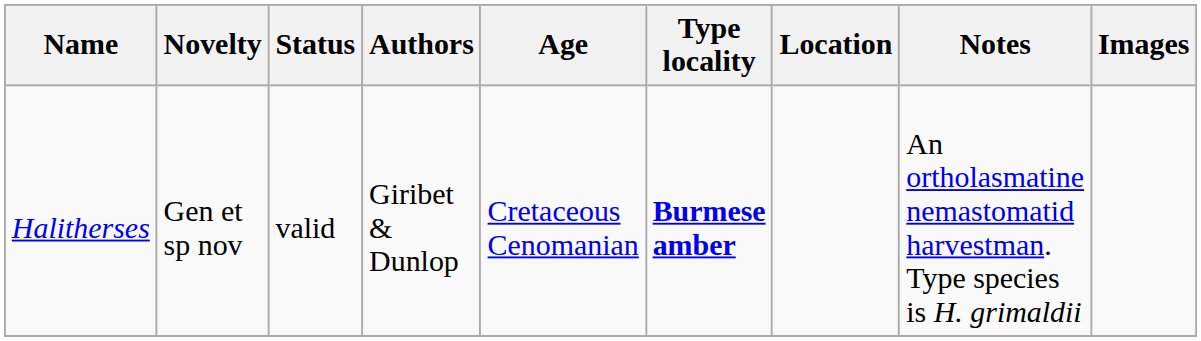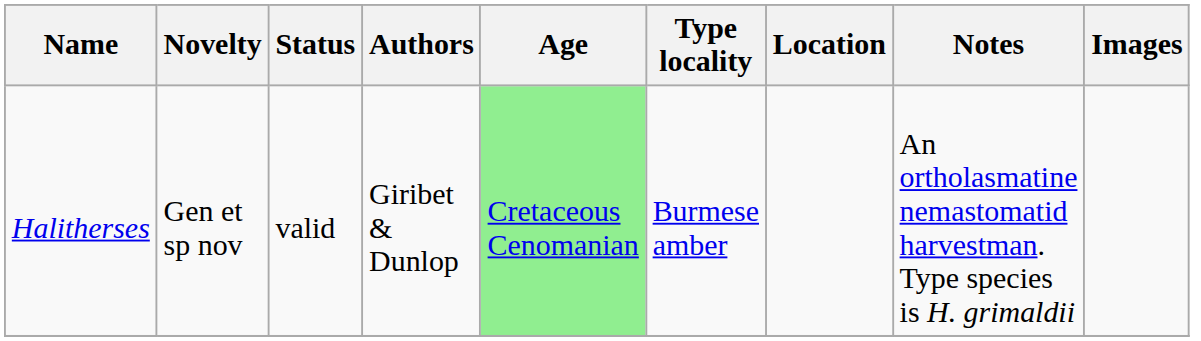 <table class="wikitable sortable" align="center" width="100%">
 <tr>
 <th>Name</th>
 <th>Novelty</th>
 <th>Status</th>
 <th>Authors</th>
 <th>Age</th>
 <th>Type locality</th>
 <th>Location</th>
 <th>Notes</th>
 <th>Images</th>
 </tr>
 <tr>
 <td><br><em><a href='#'>Halitherses</a></em></td>
 <td><br>Gen et sp nov</td>
 <td><br>valid</td>
 <td><br>Giribet & Dunlop</td>
-<td><br><a href='#'>Cretaceous</a><br><a href='#'>Cenomanian</a></td>
-<td><strong><br><a href='#'>Burmese amber</a></strong></td>
+<td style="background: lightgreen;"><br><a href='#'>Cretaceous</a><br><a href='#'>Cenomanian</a></td>
+<td><br><a href='#'>Burmese amber</a></td>
 <td><br></td>
 <td><br>An <a href='#'>ortholasmatine</a> <a href='#'>nemastomatid harvestman</a>. Type species is <em>H. grimaldii</em></td>
 <td></td>
 </tr>
 <tr>
 </tr>
 </table>
